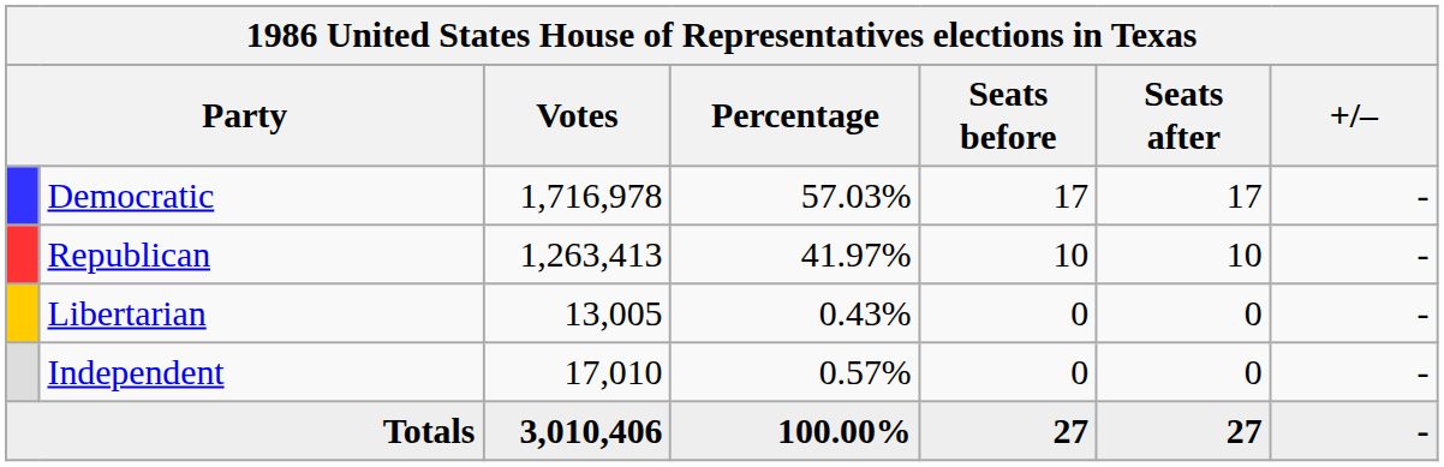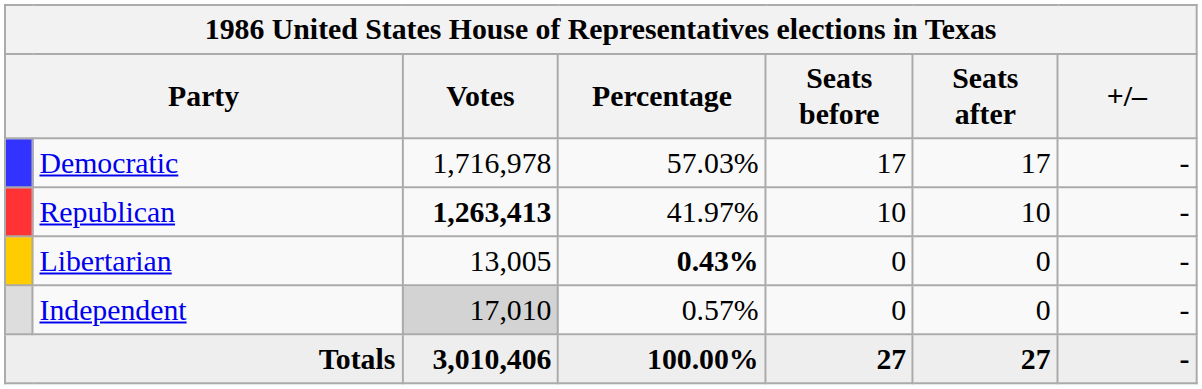 <table class="wikitable" style="font-size: 95%;">
 <tr>
 <th colspan="7">1986 United States House of Representatives elections in Texas</th>
 </tr>
 <tr>
 <th colspan="2" style="width: 15em">Party</th>
 <th style="width: 5em">Votes</th>
 <th style="width: 7em">Percentage</th>
 <th style="width: 5em">Seats before</th>
 <th style="width: 5em">Seats after</th>
 <th style="width: 5em">+/–</th>
 </tr>
 <tr>
 <th style="background-color:#3333FF; width: 3px"></th>
 <td style="width: 130px"><a href='#'>Democratic</a></td>
 <td align="right">1,716,978</td>
 <td align="right">57.03%</td>
 <td align="right">17</td>
 <td align="right">17</td>
 <td align="right">-</td>
 </tr>
 <tr>
 <th style="background-color:#FF3333; width: 3px"></th>
 <td style="width: 130px"><a href='#'>Republican</a></td>
-<td align="right">1,263,413</td>
+<td align="right"><strong>1,263,413</strong></td>
 <td align="right">41.97%</td>
 <td align="right">10</td>
 <td align="right">10</td>
 <td align="right">-</td>
 </tr>
 <tr>
 <th style="background-color:#FFCC00; width: 3px"></th>
 <td style="width: 130px"><a href='#'>Libertarian</a></td>
 <td align="right">13,005</td>
-<td align="right">0.43%</td>
+<td align="right"><strong>0.43%</strong></td>
 <td align="right">0</td>
 <td align="right">0</td>
 <td align="right">-</td>
 </tr>
 <tr>
 <th style="background-color:#DDDDDD; width: 3px"></th>
 <td style="width: 130px"><a href='#'>Independent</a></td>
-<td align="right">17,010</td>
+<td align="right" style="background: lightgrey;">17,010</td>
 <td align="right">0.57%</td>
 <td align="right">0</td>
 <td align="right">0</td>
 <td align="right">-</td>
 </tr>
 <tr bgcolor="#EEEEEE">
 <td colspan="2" align="right"><strong>Totals</strong></td>
 <td align="right"><strong>3,010,406</strong></td>
 <td align="right"><strong>100.00%</strong></td>
 <td align="right"><strong>27</strong></td>
 <td align="right"><strong>27</strong></td>
 <td align="right"><strong>-</strong></td>
 </tr>
 </table>
